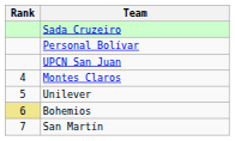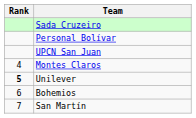 <table class="wikitable" style="text-align: center;">
 <tr>
 <th width=40>Rank</th>
 <th width=240>Team</th>
 </tr>
 <tr bgcolor=#ccffcc>
 <td></td>
 <td align=left> <a href='#'>Sada Cruzeiro</a></td>
 </tr>
 <tr>
 <td></td>
 <td align=left> <a href='#'>Personal Bolívar</a></td>
 </tr>
 <tr>
 <td></td>
 <td align=left> <a href='#'>UPCN San Juan</a></td>
 </tr>
 <tr>
 <td>4</td>
 <td align=left> <a href='#'>Montes Claros</a></td>
 </tr>
 <tr>
-<td>5</td>
+<td><strong>5</strong></td>
 <td align=left> Unilever</td>
 </tr>
 <tr>
-<td style="background: khaki;">6</td>
+<td>6</td>
 <td align=left> Bohemios</td>
 </tr>
 <tr>
 <td>7</td>
 <td align=left> San Martín</td>
 </tr>
 </table>
